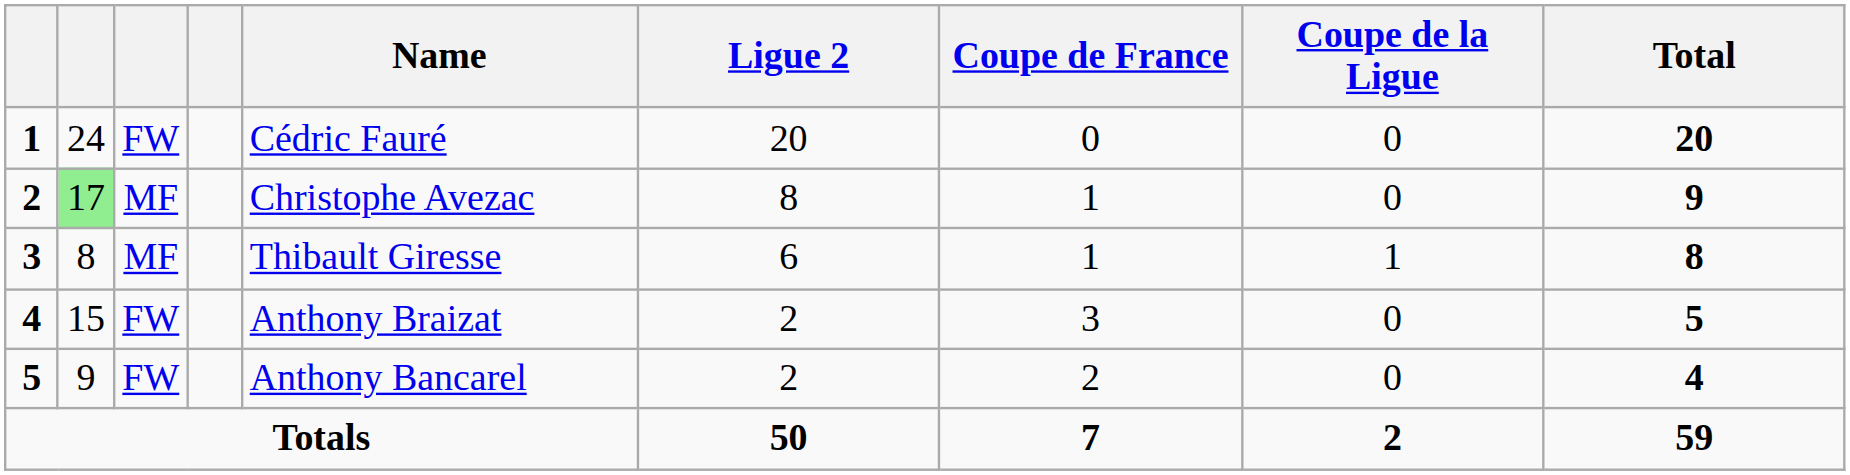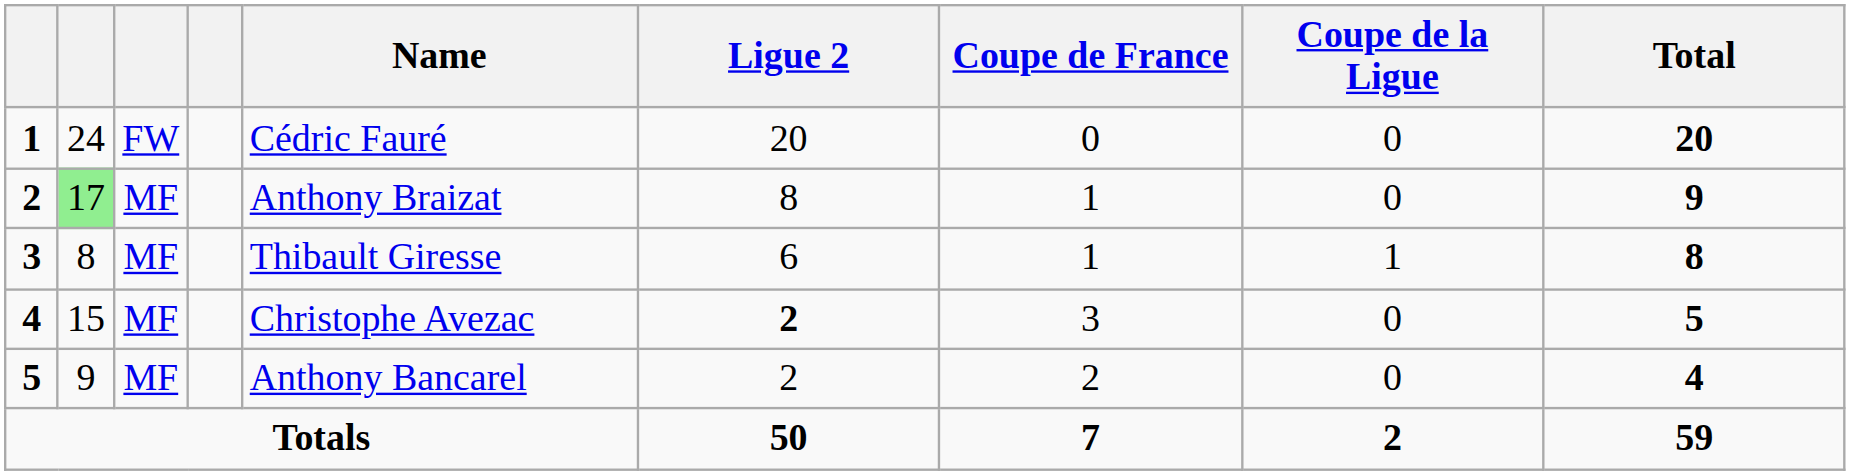 <table class="wikitable" style="text-align:center">
 <tr>
 <th width=15></th>
 <th width=15></th>
 <th width=15></th>
 <th width=15></th>
 <th width=160>Name</th>
 <th width=120><a href='#'>Ligue 2</a></th>
 <th width=120><a href='#'>Coupe de France</a></th>
 <th width=120><a href='#'>Coupe de la Ligue</a></th>
 <th width=120>Total</th>
 </tr>
 <tr>
 <td><strong>1</strong></td>
 <td>24</td>
 <td><a href='#'>FW</a></td>
 <td></td>
 <td align=left><a href='#'>Cédric Fauré</a></td>
 <td>20</td>
 <td>0</td>
 <td>0</td>
 <td><strong>20</strong></td>
 </tr>
 <tr>
 <td><strong>2</strong></td>
 <td style="background: lightgreen;">17</td>
 <td><a href='#'>MF</a></td>
 <td></td>
-<td align=left><a href='#'>Christophe Avezac</a></td>
+<td align=left><a href='#'>Anthony Braizat</a></td>
 <td>8</td>
 <td>1</td>
 <td>0</td>
 <td><strong>9</strong></td>
 </tr>
 <tr>
 <td><strong>3</strong></td>
 <td>8</td>
 <td><a href='#'>MF</a></td>
 <td></td>
 <td align=left><a href='#'>Thibault Giresse</a></td>
 <td>6</td>
 <td>1</td>
 <td>1</td>
 <td><strong>8</strong></td>
 </tr>
 <tr>
 <td><strong>4</strong></td>
 <td>15</td>
-<td><a href='#'>FW</a></td>
+<td><a href='#'>MF</a></td>
 <td></td>
-<td align=left><a href='#'>Anthony Braizat</a></td>
-<td>2</td>
+<td align=left><a href='#'>Christophe Avezac</a></td>
+<td><strong>2</strong></td>
 <td>3</td>
 <td>0</td>
 <td><strong>5</strong></td>
 </tr>
 <tr>
 <td><strong>5</strong></td>
 <td>9</td>
-<td><a href='#'>FW</a></td>
+<td><a href='#'>MF</a></td>
 <td></td>
 <td align=left><a href='#'>Anthony Bancarel</a></td>
 <td>2</td>
 <td>2</td>
 <td>0</td>
 <td><strong>4</strong></td>
 </tr>
 <tr>
 <td colspan=5><strong>Totals</strong></td>
 <td><strong>50</strong></td>
 <td><strong>7</strong></td>
 <td><strong>2</strong></td>
 <td><strong>59</strong></td>
 </tr>
 </table>
